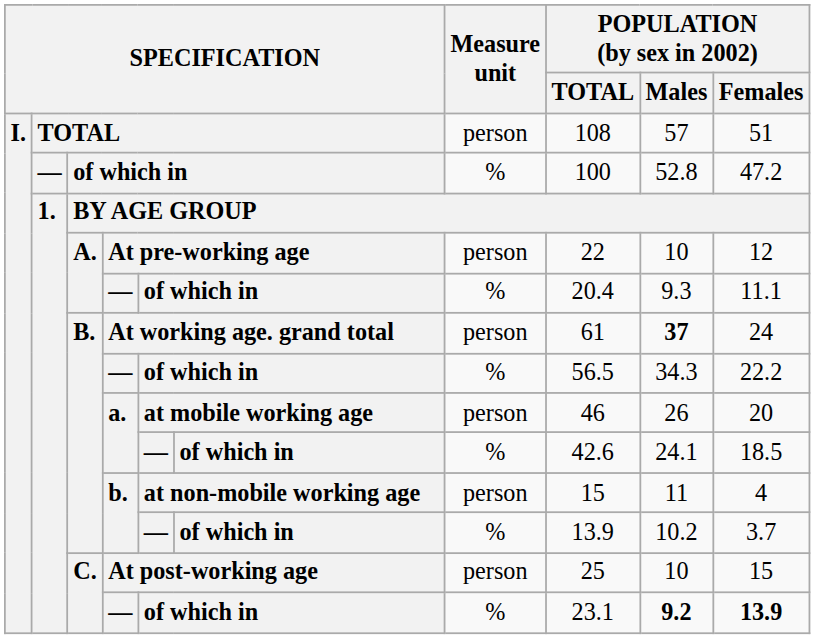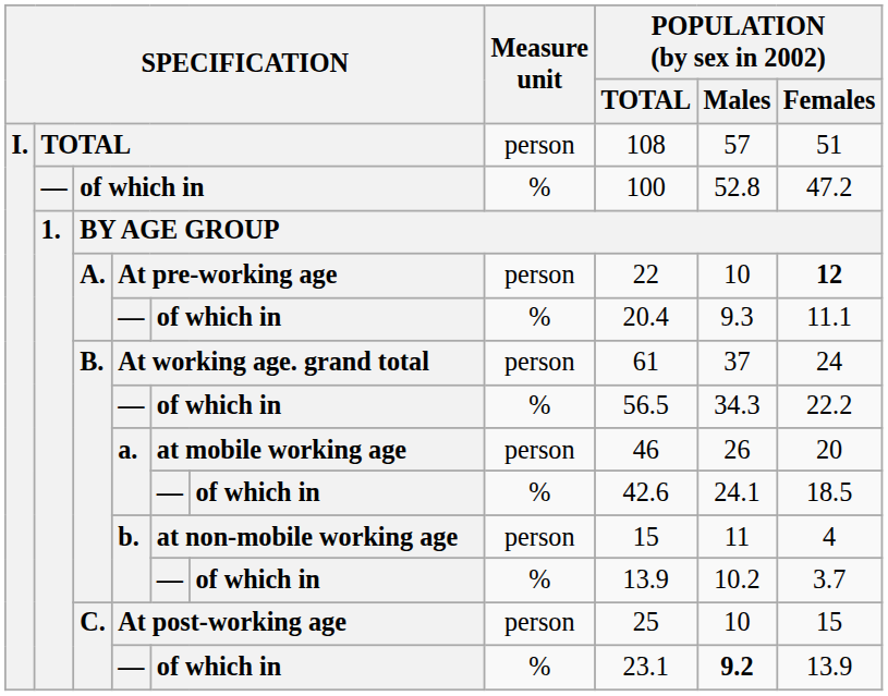 <table class="wikitable" style="font-size:85%; text-align:center">
 <tr>
 <th rowspan="2" colspan="6">SPECIFICATION</th>
 <th rowspan="2">Measure<br> unit</th>
 <th colspan="3" rowspan="1">POPULATION<br> (by sex in 2002)</th>
 </tr>
 <tr>
 <th>TOTAL</th>
 <th>Males</th>
 <th>Females</th>
 </tr>
 <tr>
 <th style="text-align:left" valign="top" rowspan="13">I.</th>
 <th style="text-align:left" colspan="5">TOTAL</th>
 <td>person</td>
 <td>108</td>
 <td>57</td>
 <td>51</td>
 </tr>
 <tr>
 <th style="text-align:left" valign="top">—</th>
 <th style="text-align:left" colspan="4">of which in</th>
 <td>%</td>
 <td>100</td>
 <td>52.8</td>
 <td>47.2</td>
 </tr>
 <tr>
 <th style="text-align:left" valign="top" rowspan="11">1.</th>
 <th style="text-align:left" colspan="19">BY AGE GROUP</th>
 </tr>
 <tr>
 <th style="text-align:left" valign="top" rowspan="2">A.</th>
 <th style="text-align:left" colspan="3">At pre-working age</th>
 <td>person</td>
 <td>22</td>
 <td>10</td>
-<td>12</td>
+<td><strong>12</strong></td>
 </tr>
 <tr>
 <th style="text-align:left" valign="top">—</th>
 <th style="text-align:left" valign="top" colspan="2">of which in</th>
 <td>%</td>
 <td>20.4</td>
 <td>9.3</td>
 <td>11.1</td>
 </tr>
 <tr>
 <th style="text-align:left" valign="top" rowspan="6">B.</th>
 <th style="text-align:left" colspan="3">At working age. grand total</th>
 <td>person</td>
 <td>61</td>
-<td><strong>37</strong></td>
+<td>37</td>
 <td>24</td>
 </tr>
 <tr>
 <th style="text-align:left" valign="top">—</th>
 <th style="text-align:left" valign="top" colspan="2">of which in</th>
 <td>%</td>
 <td>56.5</td>
 <td>34.3</td>
 <td>22.2</td>
 </tr>
 <tr>
 <th style="text-align:left" valign="top" rowspan="2">a.</th>
 <th style="text-align:left" colspan="2">at mobile working age</th>
 <td>person</td>
 <td>46</td>
 <td>26</td>
 <td>20</td>
 </tr>
 <tr>
 <th style="text-align:left" valign="top">—</th>
 <th style="text-align:left" valign="top" colspan="1">of which in                        </th>
 <td>%</td>
 <td>42.6</td>
 <td>24.1</td>
 <td>18.5</td>
 </tr>
 <tr>
 <th style="text-align:left" valign="top" rowspan="2">b.</th>
 <th style="text-align:left" colspan="2">at non-mobile working age</th>
 <td>person</td>
 <td>15</td>
 <td>11</td>
 <td>4</td>
 </tr>
 <tr>
 <th style="text-align:left" valign="top">—</th>
 <th style="text-align:left" valign="top" colspan="1">of which in                        </th>
 <td>%</td>
 <td>13.9</td>
 <td>10.2</td>
 <td>3.7</td>
 </tr>
 <tr>
 <th style="text-align:left" valign="top" rowspan="2">C.</th>
 <th style="text-align:left" colspan="3">At post-working age</th>
 <td>person</td>
 <td>25</td>
 <td>10</td>
 <td>15</td>
 </tr>
 <tr>
 <th style="text-align:left" valign="top">—</th>
 <th style="text-align:left" valign="top" colspan="2">of which in</th>
 <td>%</td>
 <td>23.1</td>
 <td><strong>9.2</strong></td>
-<td><strong>13.9</strong></td>
+<td>13.9</td>
 </tr>
 </table>
